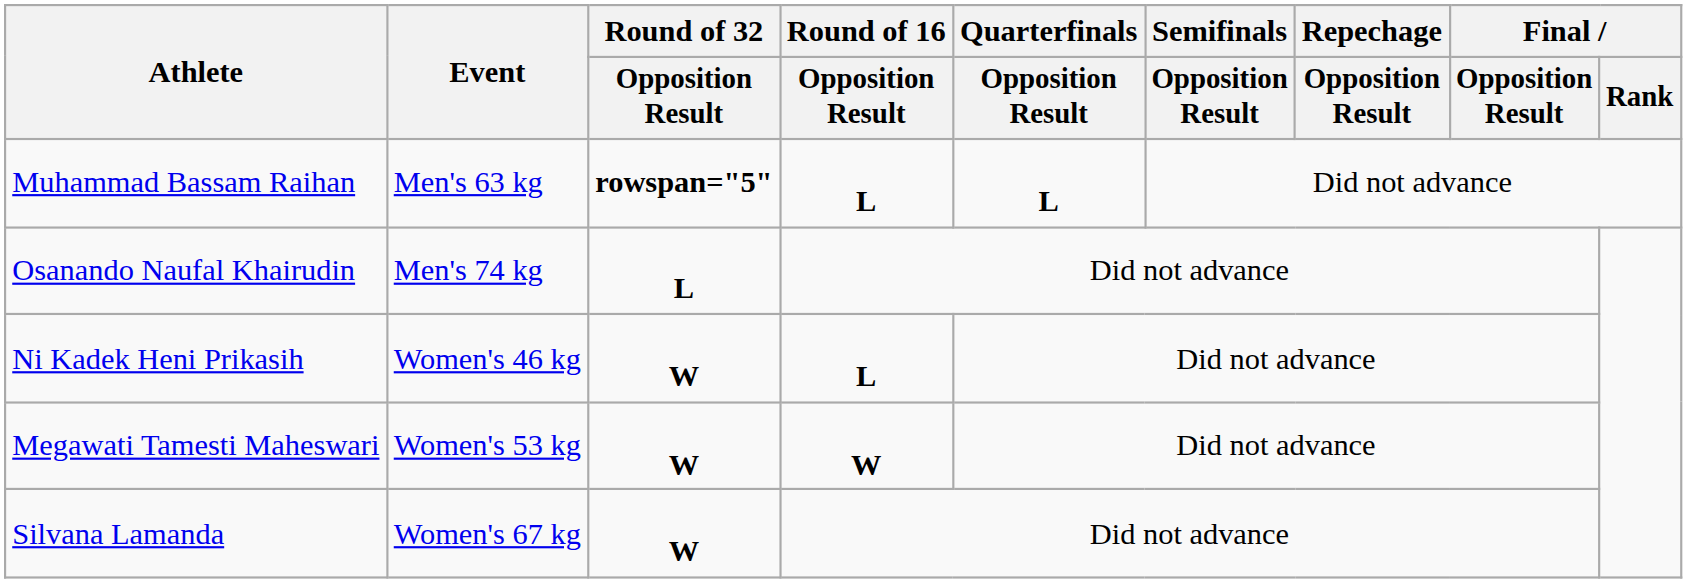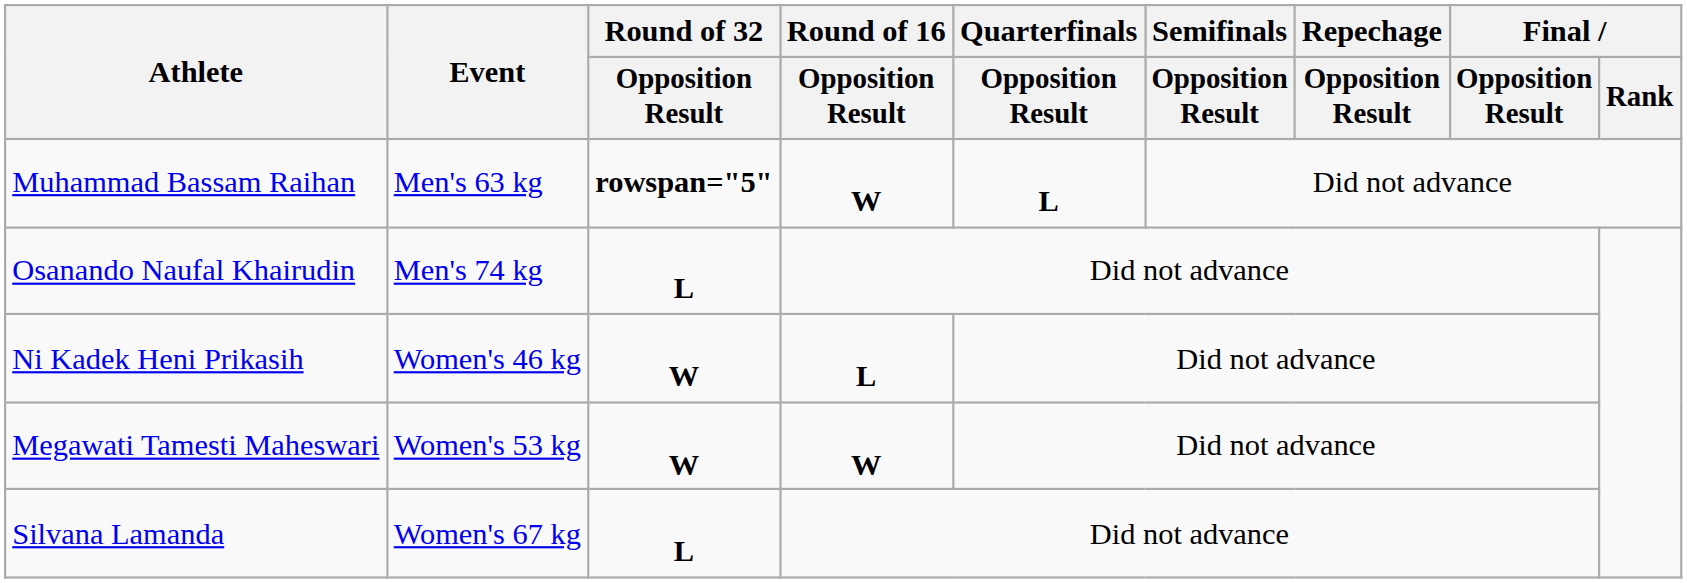 <table class=wikitable style=font-size:88%;text-align:center>
 <tr>
 <th rowspan=2>Athlete</th>
 <th rowspan=2>Event</th>
 <th>Round of 32</th>
 <th>Round of 16</th>
 <th>Quarterfinals</th>
 <th>Semifinals</th>
 <th>Repechage</th>
 <th colspan=2>Final / </th>
 </tr>
 <tr style=font-size:95%>
 <th>Opposition<br>Result</th>
 <th>Opposition<br>Result</th>
 <th>Opposition<br>Result</th>
 <th>Opposition<br>Result</th>
 <th>Opposition<br>Result</th>
 <th>Opposition<br>Result</th>
 <th>Rank</th>
 </tr>
 <tr>
 <td align=left><a href='#'>Muhammad Bassam Raihan</a></td>
 <td align=left><a href='#'>Men's 63 kg</a></td>
 <td><strong>rowspan="5" </strong></td>
-<td><br><strong>L</strong></td>
+<td><br><strong>W</strong></td>
 <td><br><strong>L</strong></td>
 <td colspan="4">Did not advance</td>
 </tr>
 <tr>
 <td align=left><a href='#'>Osanando Naufal Khairudin</a></td>
 <td align=left><a href='#'>Men's 74 kg</a></td>
 <td><br><strong>L</strong></td>
 <td colspan="5">Did not advance</td>
 </tr>
 <tr>
 <td align=left><a href='#'>Ni Kadek Heni Prikasih</a></td>
 <td align=left><a href='#'>Women's 46 kg</a></td>
 <td><br><strong>W</strong></td>
 <td><br><strong>L</strong></td>
 <td colspan="4">Did not advance</td>
 </tr>
 <tr>
 <td align=left><a href='#'>Megawati Tamesti Maheswari</a></td>
 <td align=left><a href='#'>Women's 53 kg</a></td>
 <td><br><strong>W</strong></td>
 <td><br><strong>W</strong></td>
 <td colspan="4">Did not advance</td>
 </tr>
 <tr>
 <td align=left><a href='#'>Silvana Lamanda</a></td>
 <td align=left><a href='#'>Women's 67 kg</a></td>
-<td><br><strong>W</strong></td>
+<td><br><strong>L</strong></td>
 <td colspan="5">Did not advance</td>
 </tr>
 </table>
